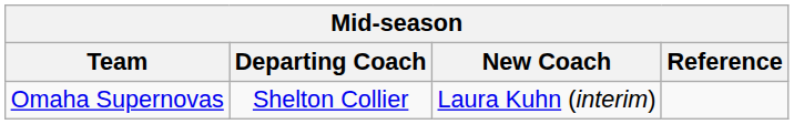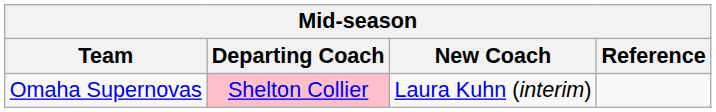 <table class="wikitable" style="text-align: center;">
 <tr>
 <th colspan="4">Mid-season</th>
 </tr>
 <tr>
 <th>Team</th>
 <th>Departing Coach</th>
 <th>New Coach</th>
 <th>Reference</th>
 </tr>
 <tr>
 <td><a href='#'>Omaha Supernovas</a></td>
-<td><a href='#'>Shelton Collier</a></td>
+<td style="background: pink;"><a href='#'>Shelton Collier</a></td>
 <td><a href='#'>Laura Kuhn</a> (<em>interim</em>)</td>
 <td></td>
 </tr>
 </table>
